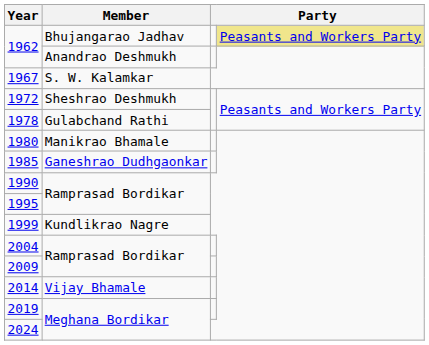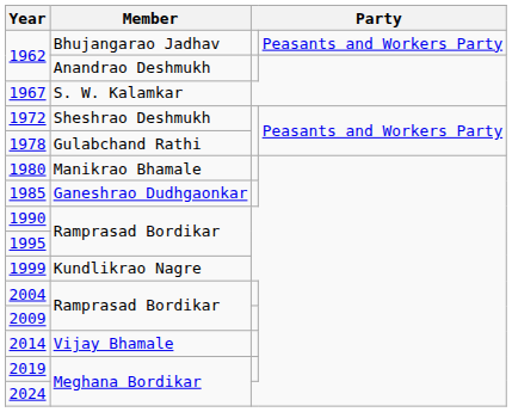 <table class="wikitable">
 <tr>
 <th>Year</th>
 <th>Member</th>
 <th colspan=2>Party</th>
 </tr>
 <tr>
 <td rowspan=2><a href='#'>1962</a></td>
 <td>Bhujangarao Jadhav</td>
 <td style="background-color: "></td>
-<td style="background: khaki;"><a href='#'>Peasants and Workers Party</a></td>
+<td><a href='#'>Peasants and Workers Party</a></td>
 </tr>
 <tr>
 <td>Anandrao Deshmukh</td>
 <td></td>
 </tr>
 <tr>
 <td><a href='#'>1967</a></td>
 <td>S. W. Kalamkar</td>
 </tr>
 <tr>
 <td><a href='#'>1972</a></td>
 <td>Sheshrao Deshmukh</td>
 <td rowspan="2" style="background-color: "></td>
 <td rowspan="2"><a href='#'>Peasants and Workers Party</a></td>
 </tr>
 <tr>
 <td><a href='#'>1978</a></td>
 <td>Gulabchand Rathi</td>
 </tr>
 <tr>
 <td><a href='#'>1980</a></td>
 <td>Manikrao Bhamale</td>
 <td></td>
 </tr>
 <tr>
 <td><a href='#'>1985</a></td>
 <td><a href='#'>Ganeshrao Dudhgaonkar</a></td>
 <td></td>
 </tr>
 <tr>
 <td><a href='#'>1990</a></td>
 <td rowspan="2">Ramprasad Bordikar</td>
 </tr>
 <tr>
 <td><a href='#'>1995</a></td>
 </tr>
 <tr>
 <td><a href='#'>1999</a></td>
 <td>Kundlikrao Nagre</td>
 </tr>
 <tr>
 <td><a href='#'>2004</a></td>
 <td rowspan="2">Ramprasad Bordikar</td>
 <td></td>
 </tr>
 <tr>
 <td><a href='#'>2009</a></td>
 <td></td>
 </tr>
 <tr>
 <td><a href='#'>2014</a></td>
 <td><a href='#'>Vijay Bhamale</a></td>
 <td></td>
 </tr>
 <tr>
 <td><a href='#'>2019</a></td>
 <td Rowspan=2><a href='#'>Meghana Bordikar</a></td>
 <td></td>
 </tr>
 <tr>
 <td><a href='#'>2024</a></td>
 </tr>
 </table>
